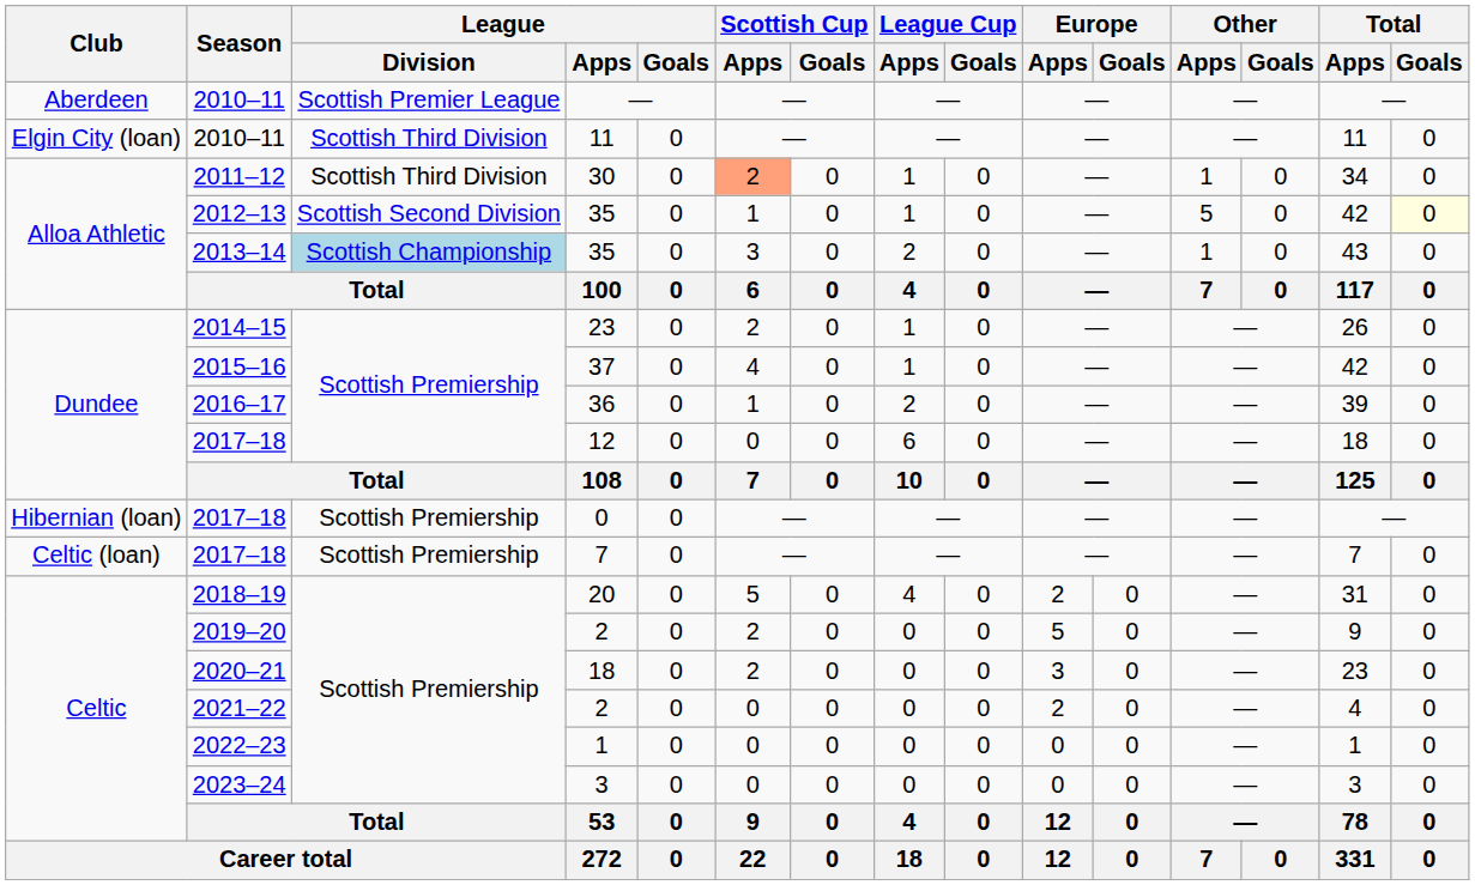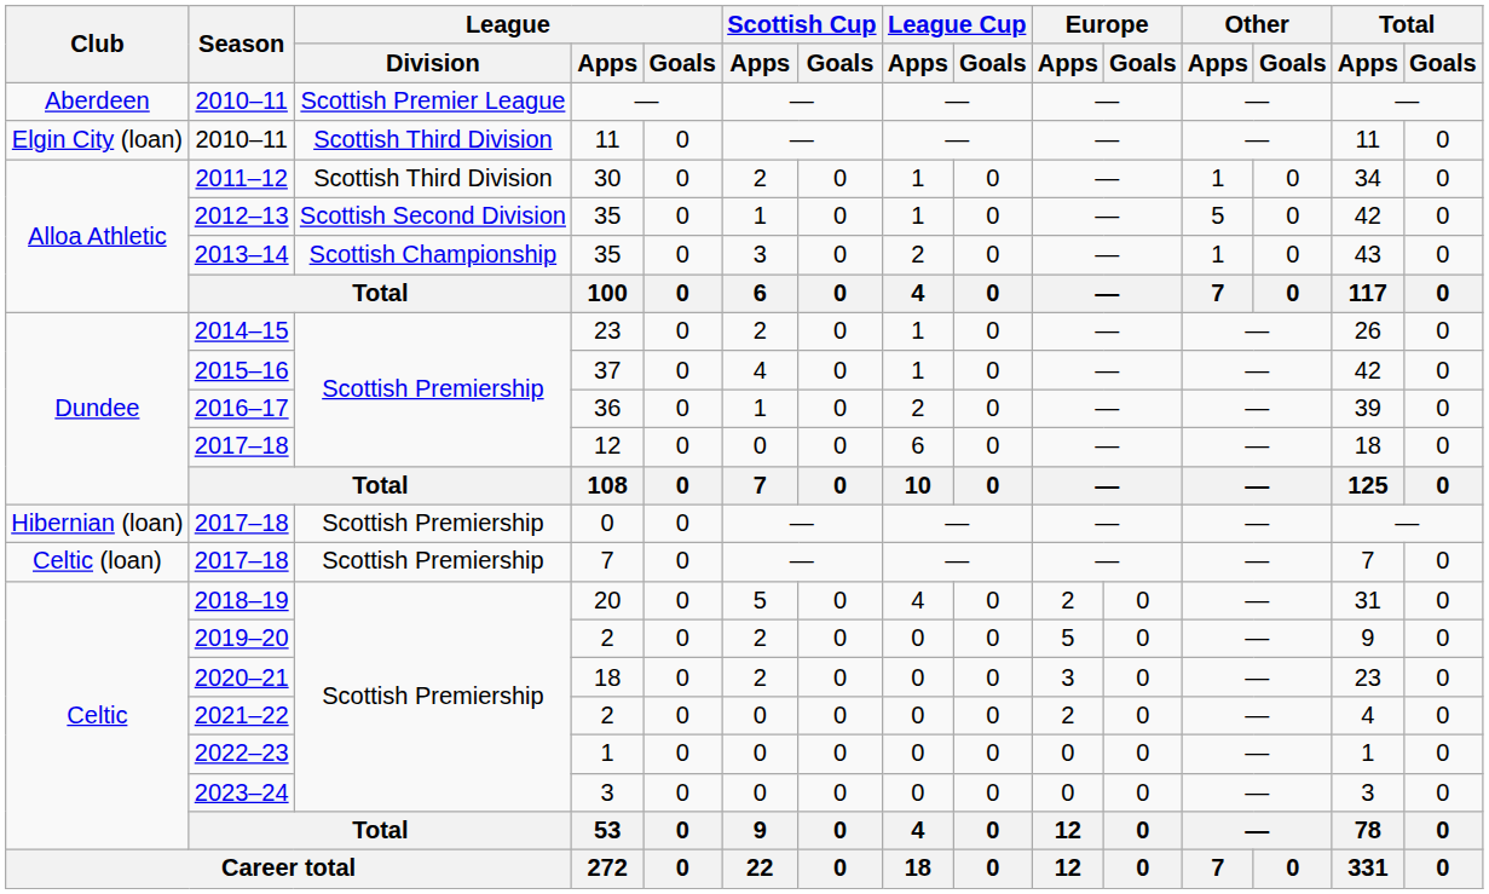 <table class="wikitable" style="text-align:center">
 <tr>
 <th rowspan="2">Club</th>
 <th rowspan="2">Season</th>
 <th colspan="3">League</th>
 <th colspan="2"><a href='#'>Scottish Cup</a></th>
 <th colspan="2"><a href='#'>League Cup</a></th>
 <th colspan="2">Europe</th>
 <th colspan="2">Other</th>
 <th colspan="2">Total</th>
 </tr>
 <tr>
 <th>Division</th>
 <th>Apps</th>
 <th>Goals</th>
 <th>Apps</th>
 <th>Goals</th>
 <th>Apps</th>
 <th>Goals</th>
 <th>Apps</th>
 <th>Goals</th>
 <th>Apps</th>
 <th>Goals</th>
 <th>Apps</th>
 <th>Goals</th>
 </tr>
 <tr>
 <td><a href='#'>Aberdeen</a></td>
 <td><a href='#'>2010–11</a></td>
 <td><a href='#'>Scottish Premier League</a></td>
 <td colspan="2">—</td>
 <td colspan="2">—</td>
 <td colspan="2">—</td>
 <td colspan="2">—</td>
 <td colspan="2">—</td>
 <td colspan="2">—</td>
 </tr>
 <tr>
 <td><a href='#'>Elgin City</a> (loan)</td>
 <td>2010–11</td>
 <td><a href='#'>Scottish Third Division</a></td>
 <td>11</td>
 <td>0</td>
 <td colspan="2">—</td>
 <td colspan="2">—</td>
 <td colspan="2">—</td>
 <td colspan="2">—</td>
 <td>11</td>
 <td>0</td>
 </tr>
 <tr>
 <td rowspan="4"><a href='#'>Alloa Athletic</a></td>
 <td><a href='#'>2011–12</a></td>
 <td>Scottish Third Division</td>
 <td>30</td>
 <td>0</td>
-<td style="background: lightsalmon;">2</td>
+<td>2</td>
 <td>0</td>
 <td>1</td>
 <td>0</td>
 <td colspan="2">—</td>
 <td>1</td>
 <td>0</td>
 <td>34</td>
 <td>0</td>
 </tr>
 <tr>
 <td><a href='#'>2012–13</a></td>
 <td><a href='#'>Scottish Second Division</a></td>
 <td>35</td>
 <td>0</td>
 <td>1</td>
 <td>0</td>
 <td>1</td>
 <td>0</td>
 <td colspan="2">—</td>
 <td>5</td>
 <td>0</td>
 <td>42</td>
-<td style="background: lightyellow;">0</td>
+<td>0</td>
 </tr>
 <tr>
 <td><a href='#'>2013–14</a></td>
-<td style="background: lightblue;"><a href='#'>Scottish Championship</a></td>
+<td><a href='#'>Scottish Championship</a></td>
 <td>35</td>
 <td>0</td>
 <td>3</td>
 <td>0</td>
 <td>2</td>
 <td>0</td>
 <td colspan="2">—</td>
 <td>1</td>
 <td>0</td>
 <td>43</td>
 <td>0</td>
 </tr>
 <tr>
 <th colspan="2">Total</th>
 <th>100</th>
 <th>0</th>
 <th>6</th>
 <th>0</th>
 <th>4</th>
 <th>0</th>
 <th colspan="2">—</th>
 <th>7</th>
 <th>0</th>
 <th>117</th>
 <th>0</th>
 </tr>
 <tr>
 <td rowspan="5"><a href='#'>Dundee</a></td>
 <td><a href='#'>2014–15</a></td>
 <td rowspan="4"><a href='#'>Scottish Premiership</a></td>
 <td>23</td>
 <td>0</td>
 <td>2</td>
 <td>0</td>
 <td>1</td>
 <td>0</td>
 <td colspan="2">—</td>
 <td colspan="2">—</td>
 <td>26</td>
 <td>0</td>
 </tr>
 <tr>
 <td><a href='#'>2015–16</a></td>
 <td>37</td>
 <td>0</td>
 <td>4</td>
 <td>0</td>
 <td>1</td>
 <td>0</td>
 <td colspan="2">—</td>
 <td colspan="2">—</td>
 <td>42</td>
 <td>0</td>
 </tr>
 <tr>
 <td><a href='#'>2016–17</a></td>
 <td>36</td>
 <td>0</td>
 <td>1</td>
 <td>0</td>
 <td>2</td>
 <td>0</td>
 <td colspan="2">—</td>
 <td colspan="2">—</td>
 <td>39</td>
 <td>0</td>
 </tr>
 <tr>
 <td><a href='#'>2017–18</a></td>
 <td>12</td>
 <td>0</td>
 <td>0</td>
 <td>0</td>
 <td>6</td>
 <td>0</td>
 <td colspan="2">—</td>
 <td colspan="2">—</td>
 <td>18</td>
 <td>0</td>
 </tr>
 <tr>
 <th colspan="2">Total</th>
 <th>108</th>
 <th>0</th>
 <th>7</th>
 <th>0</th>
 <th>10</th>
 <th>0</th>
 <th colspan="2">—</th>
 <th colspan="2">—</th>
 <th>125</th>
 <th>0</th>
 </tr>
 <tr>
 <td><a href='#'>Hibernian</a> (loan)</td>
 <td><a href='#'>2017–18</a></td>
 <td>Scottish Premiership</td>
 <td>0</td>
 <td>0</td>
 <td colspan="2">—</td>
 <td colspan="2">—</td>
 <td colspan="2">—</td>
 <td colspan="2">—</td>
 <td colspan="2">—</td>
 </tr>
 <tr>
 <td><a href='#'>Celtic</a> (loan)</td>
 <td><a href='#'>2017–18</a></td>
 <td>Scottish Premiership</td>
 <td>7</td>
 <td>0</td>
 <td colspan="2">—</td>
 <td colspan="2">—</td>
 <td colspan="2">—</td>
 <td colspan="2">—</td>
 <td>7</td>
 <td>0</td>
 </tr>
 <tr>
 <td rowspan="7"><a href='#'>Celtic</a></td>
 <td><a href='#'>2018–19</a></td>
 <td rowspan="6">Scottish Premiership</td>
 <td>20</td>
 <td>0</td>
 <td>5</td>
 <td>0</td>
 <td>4</td>
 <td>0</td>
 <td>2</td>
 <td>0</td>
 <td colspan="2">—</td>
 <td>31</td>
 <td>0</td>
 </tr>
 <tr>
 <td><a href='#'>2019–20</a></td>
 <td>2</td>
 <td>0</td>
 <td>2</td>
 <td>0</td>
 <td>0</td>
 <td>0</td>
 <td>5</td>
 <td>0</td>
 <td colspan="2">—</td>
 <td>9</td>
 <td>0</td>
 </tr>
 <tr>
 <td><a href='#'>2020–21</a></td>
 <td>18</td>
 <td>0</td>
 <td>2</td>
 <td>0</td>
 <td>0</td>
 <td>0</td>
 <td>3</td>
 <td>0</td>
 <td colspan="2">—</td>
 <td>23</td>
 <td>0</td>
 </tr>
 <tr>
 <td><a href='#'>2021–22</a></td>
 <td>2</td>
 <td>0</td>
 <td>0</td>
 <td>0</td>
 <td>0</td>
 <td>0</td>
 <td>2</td>
 <td>0</td>
 <td colspan="2">—</td>
 <td>4</td>
 <td>0</td>
 </tr>
 <tr>
 <td><a href='#'>2022–23</a></td>
 <td>1</td>
 <td>0</td>
 <td>0</td>
 <td>0</td>
 <td>0</td>
 <td>0</td>
 <td>0</td>
 <td>0</td>
 <td colspan="2">—</td>
 <td>1</td>
 <td>0</td>
 </tr>
 <tr>
 <td><a href='#'>2023–24</a></td>
 <td>3</td>
 <td>0</td>
 <td>0</td>
 <td>0</td>
 <td>0</td>
 <td>0</td>
 <td>0</td>
 <td>0</td>
 <td colspan="2">—</td>
 <td>3</td>
 <td>0</td>
 </tr>
 <tr>
 <th colspan="2">Total</th>
 <th>53</th>
 <th>0</th>
 <th>9</th>
 <th>0</th>
 <th>4</th>
 <th>0</th>
 <th>12</th>
 <th>0</th>
 <th colspan="2">—</th>
 <th>78</th>
 <th>0</th>
 </tr>
 <tr>
 <th colspan="3">Career total</th>
 <th>272</th>
 <th>0</th>
 <th>22</th>
 <th>0</th>
 <th>18</th>
 <th>0</th>
 <th>12</th>
 <th>0</th>
 <th>7</th>
 <th>0</th>
 <th>331</th>
 <th>0</th>
 </tr>
 </table>
